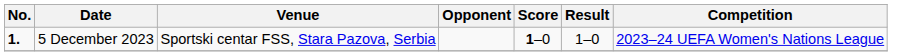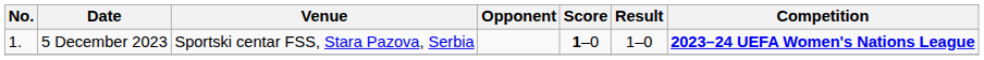 <table class="wikitable">
 <tr>
 <th>No.</th>
 <th>Date</th>
 <th>Venue</th>
 <th>Opponent</th>
 <th>Score</th>
 <th>Result</th>
 <th>Competition</th>
 </tr>
 <tr>
-<td><strong>1.</strong></td>
+<td>1.</td>
 <td>5 December 2023</td>
 <td>Sportski centar FSS, <a href='#'>Stara Pazova</a>, <a href='#'>Serbia</a></td>
 <td></td>
 <td align=center><strong>1</strong>–0</td>
 <td align=center>1–0</td>
-<td><a href='#'>2023–24 UEFA Women's Nations League</a></td>
+<td><strong><a href='#'>2023–24 UEFA Women's Nations League</a></strong></td>
 </tr>
 <tr>
 </tr>
 </table>
